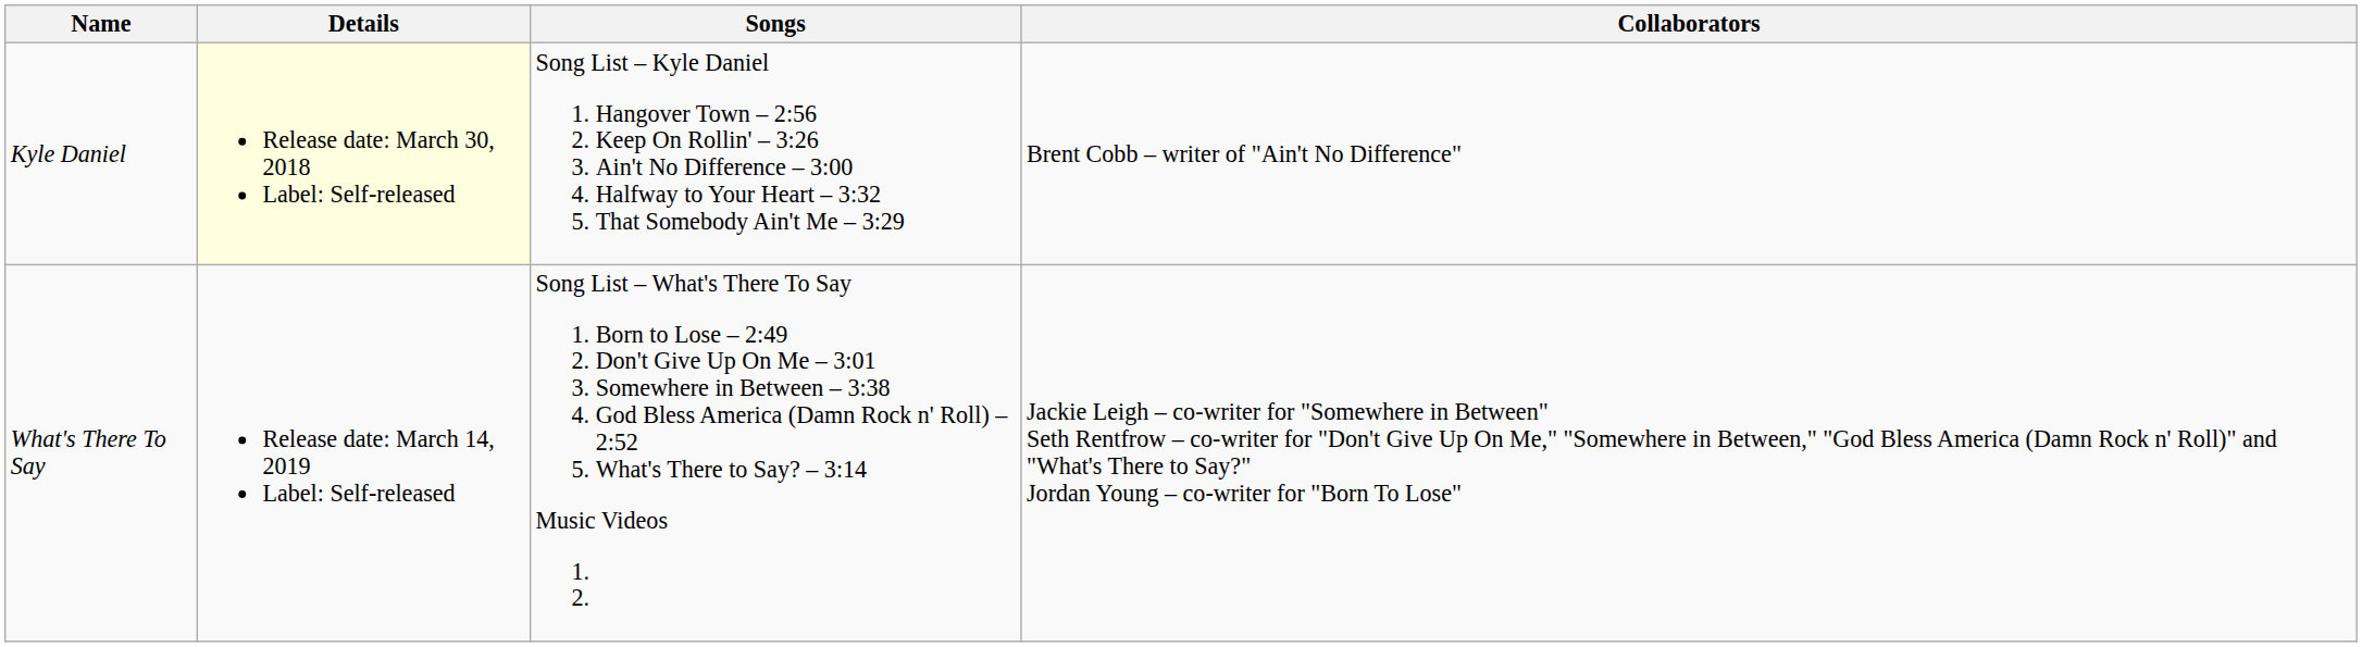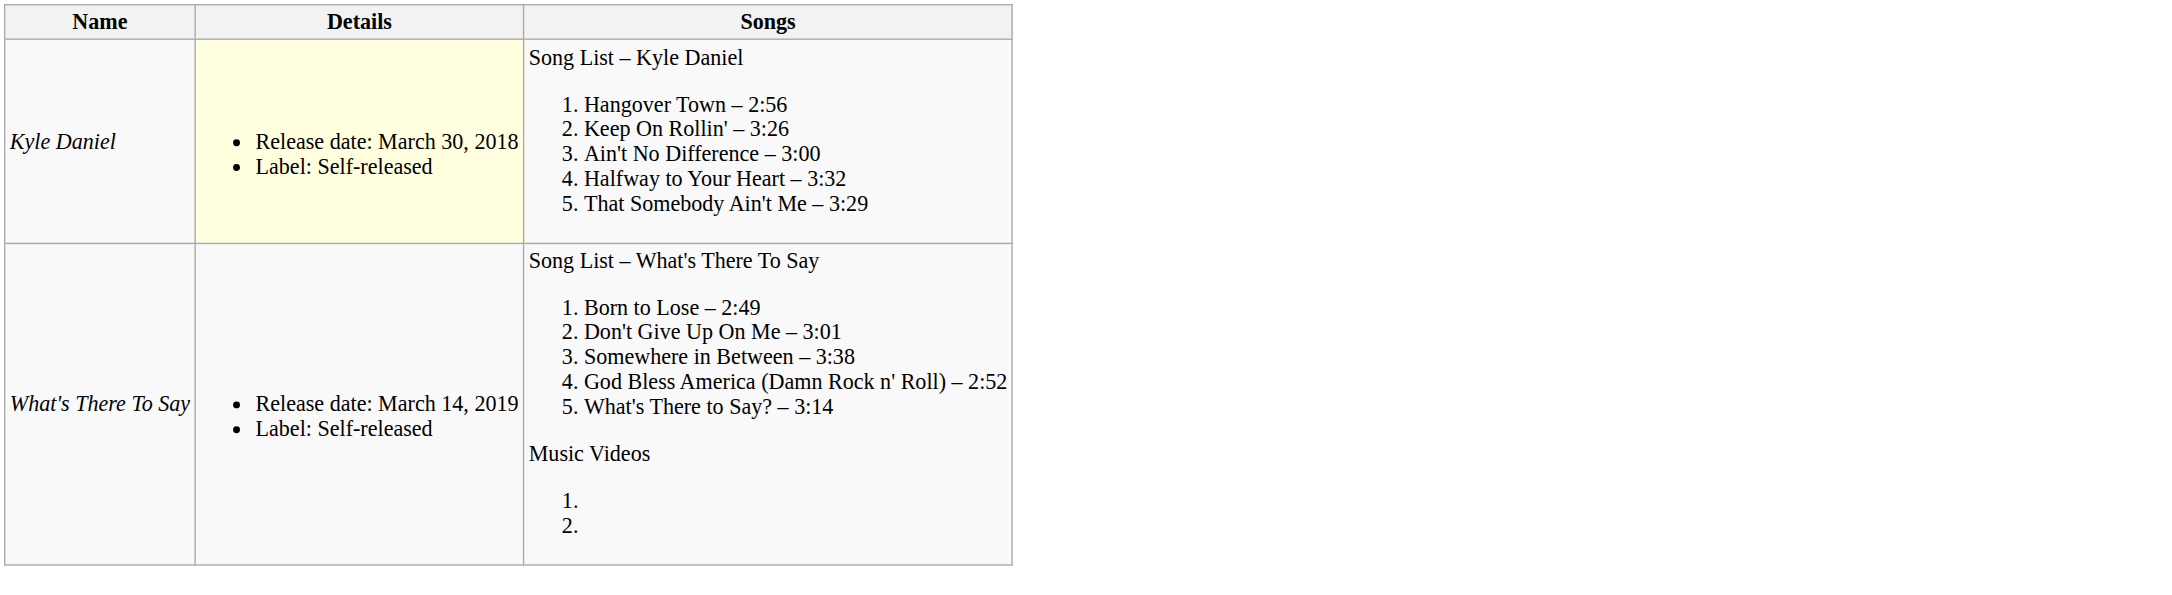 <table class="wikitable">
 <tr>
 <th>Name</th>
 <th>Details</th>
 <th>Songs</th>
-<th>Collaborators</th>
 </tr>
 <tr>
 <td><em>Kyle Daniel</em></td>
 <td style="background: lightyellow;"><br><ul><li>Release date: March 30, 2018</li><li>Label: Self-released</li></ul></td>
 <td>Song List – Kyle Daniel<br><ol><li>Hangover Town – 2:56</li><li>Keep On Rollin' – 3:26</li><li>Ain't No Difference – 3:00</li><li>Halfway to Your Heart – 3:32</li><li>That Somebody Ain't Me – 3:29</li></ol></td>
-<td>Brent Cobb – writer of "Ain't No Difference"</td>
 </tr>
 <tr>
 <td><em>What's There To Say</em></td>
 <td><br><ul><li>Release date: March 14, 2019</li><li>Label: Self-released</li></ul></td>
 <td>Song List – What's There To Say<br><ol><li><bdi>Born to Lose –</bdi> 2:49</li><li><bdi>Don't Give Up On Me –</bdi> 3:01</li><li><bdi>Somewhere in Between –</bdi> 3:38</li><li><bdi>God Bless America (Damn Rock n' Roll) –</bdi> 2:52</li><li><bdi>What's There to Say? –</bdi> 3:14</li></ol>Music Videos<ol><li></li><li></li></ol></td>
-<td>Jackie Leigh – co-writer for "Somewhere in Between"<br>Seth Rentfrow – co-writer for "Don't Give Up On Me," "Somewhere in Between," "God Bless America (Damn Rock n' Roll)" and "What's There to Say?"<br>Jordan Young – co-writer for "Born To Lose"</td>
 </tr>
 </table>
